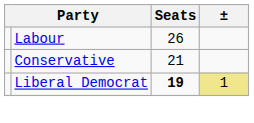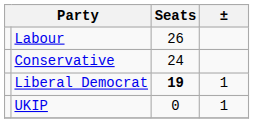 <table class="sortable wikitable">
 <tr>
 <th colspan="2">Party</th>
 <th>Seats</th>
 <th>  ±  </th>
 </tr>
 <tr>
 <td style="background-color: "></td>
 <td><a href='#'>Labour</a></td>
 <td align="center">26</td>
 <td align="center"></td>
 </tr>
 <tr>
 <td style="background-color: "></td>
 <td><a href='#'>Conservative</a></td>
-<td align="center">21</td>
+<td align="center">24</td>
 <td align="center"></td>
 </tr>
 <tr>
 <td style="background-color: "></td>
 <td><a href='#'>Liberal Democrat</a></td>
 <td align="center"><strong>19</strong></td>
-<td align="center" style="background: khaki;">1</td>
+<td align="center">1</td>
+</tr>
+<tr>
+<td style="background-color: "></td>
+<td><a href='#'>UKIP</a></td>
+<td align="center">0</td>
+<td align="center">1</td>
 </tr>
 <tr>
 </tr>
 </table>
